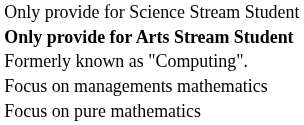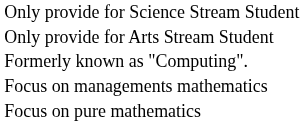 <table>
 <tr>
 <td> Only provide for Science Stream Student</td>
 </tr>
 <tr>
-<td><strong> Only provide for Arts Stream Student</strong></td>
+<td> Only provide for Arts Stream Student</td>
 </tr>
 <tr>
 <td> Formerly known as "Computing".</td>
 </tr>
 <tr>
 <td>Focus on managements mathematics</td>
 </tr>
 <tr>
 <td>Focus on pure mathematics</td>
 </tr>
 <tr>
 </tr>
 </table>
